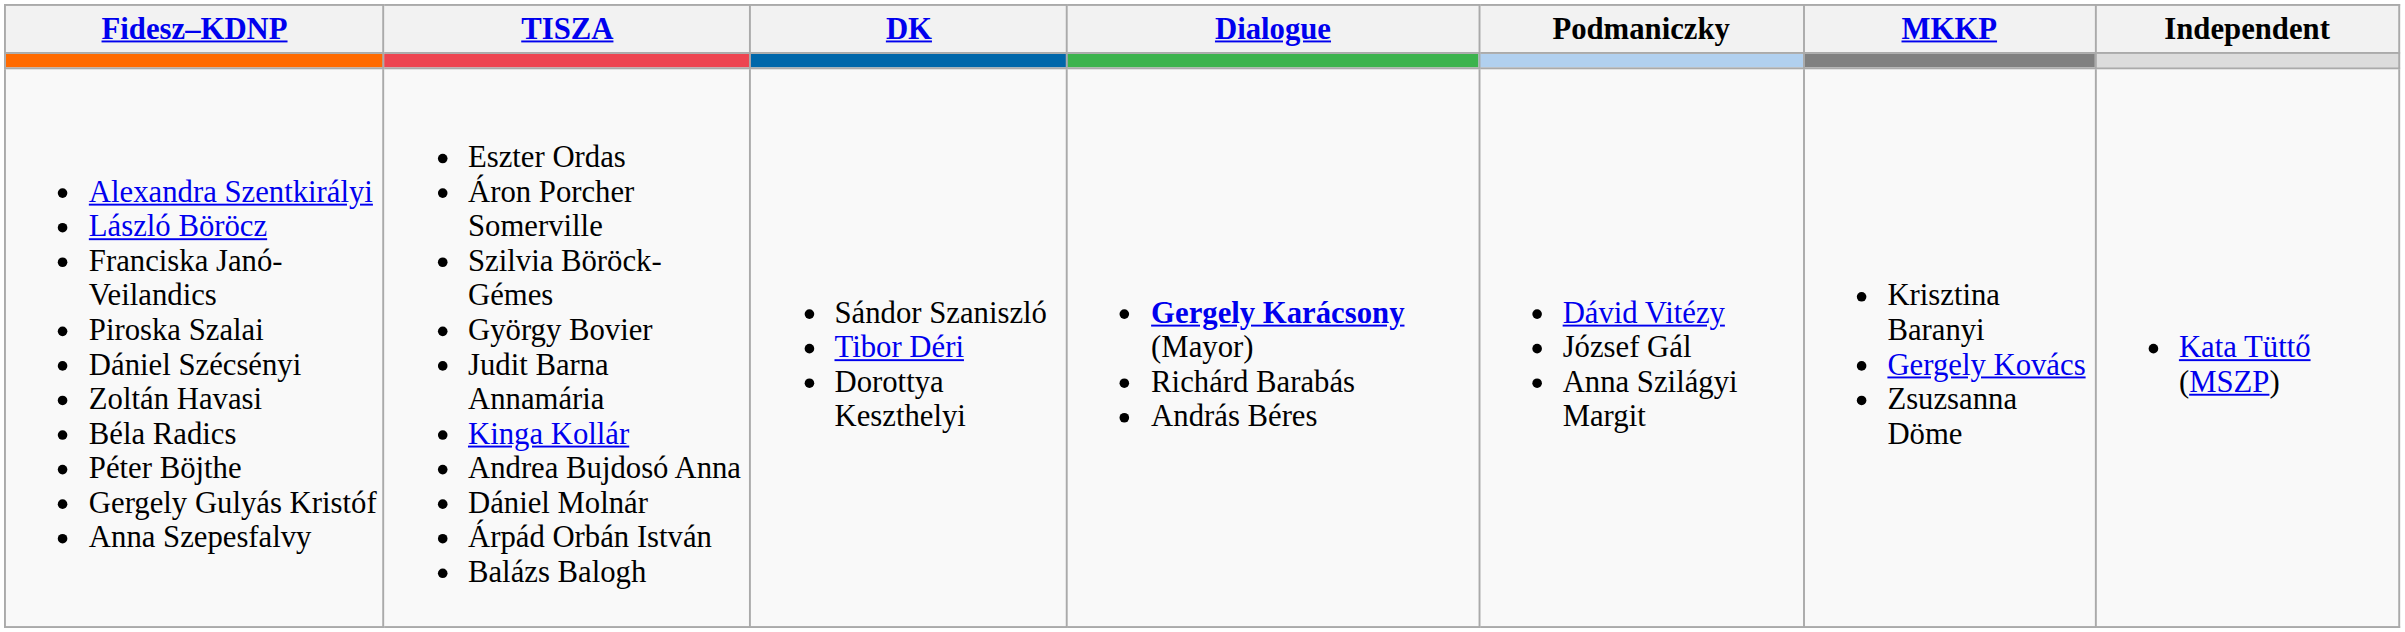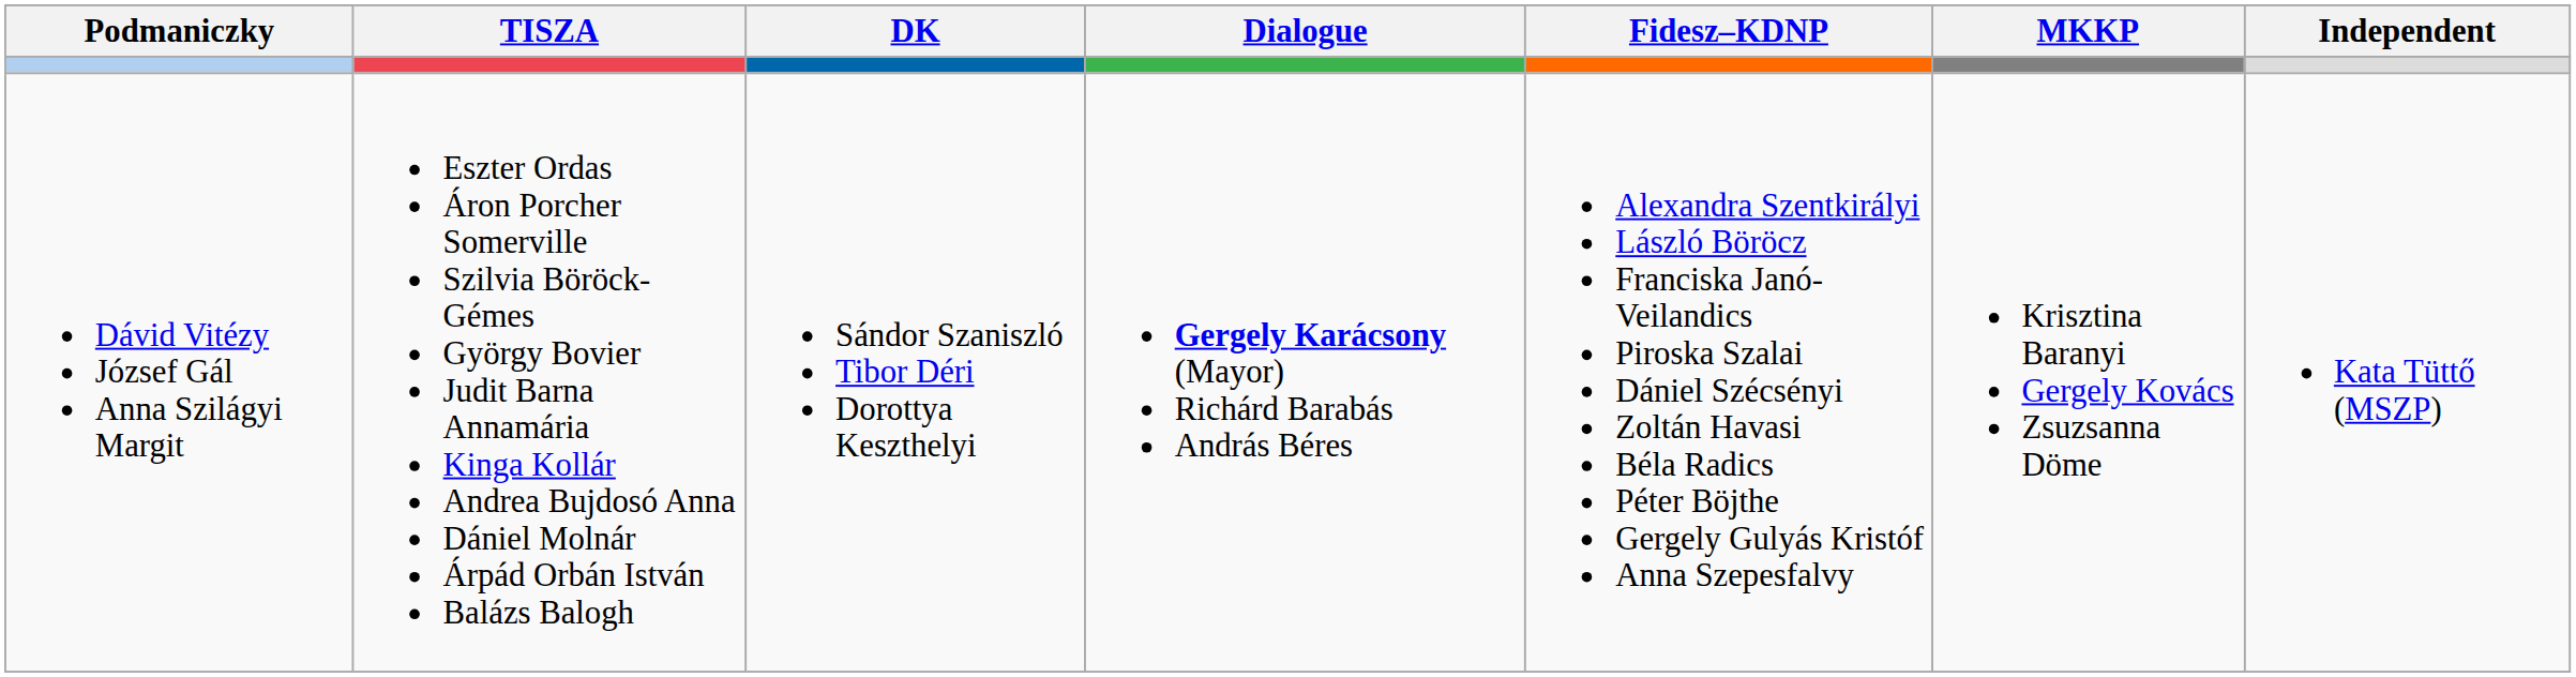 <table class="wikitable">
 <tr>
-<th><strong><a href='#'>Fidesz–KDNP</a></strong></th>
+<th>Podmaniczky</th>
 <th><a href='#'>TISZA</a></th>
 <th><a href='#'>DK</a></th>
 <th><a href='#'>Dialogue</a></th>
-<th>Podmaniczky</th>
+<th><strong><a href='#'>Fidesz–KDNP</a></strong></th>
 <th><a href='#'>MKKP</a></th>
 <th>Independent</th>
 </tr>
 <tr>
-<td style="background-color:#FF6A00;"></td>
+<td style="background-color:#B1D0EF;"></td>
 <td style="background-color:#ED4551;"></td>
 <td style="background-color:#0067AA;"></td>
 <td style="background-color:#3CB34D;"></td>
-<td style="background-color:#B1D0EF;"></td>
+<td style="background-color:#FF6A00;"></td>
 <td style="background-color:#808080;"></td>
 <td style="background-color:#DCDCDC;"></td>
 </tr>
 <tr>
-<td><br><ul><li><a href='#'>Alexandra Szentkirályi</a></li><li><a href='#'>László Böröcz</a></li><li>Franciska Janó-Veilandics</li><li>Piroska Szalai</li><li>Dániel Szécsényi</li><li>Zoltán Havasi</li><li>Béla Radics</li><li>Péter Böjthe</li><li>Gergely Gulyás Kristóf</li><li>Anna Szepesfalvy</li></ul></td>
+<td><br><ul><li><a href='#'>Dávid Vitézy</a></li><li>József Gál</li><li>Anna Szilágyi Margit</li></ul></td>
 <td><br><ul><li>Eszter Ordas</li><li>Áron Porcher Somerville</li><li>Szilvia Böröck-Gémes</li><li>György Bovier</li><li>Judit Barna Annamária</li><li><a href='#'>Kinga Kollár</a></li><li>Andrea Bujdosó Anna</li><li>Dániel Molnár</li><li>Árpád Orbán István</li><li>Balázs Balogh</li></ul></td>
 <td><br><ul><li>Sándor Szaniszló</li><li><a href='#'>Tibor Déri</a></li><li>Dorottya Keszthelyi</li></ul></td>
 <td><br><ul><li><strong><a href='#'>Gergely Karácsony</a></strong> (Mayor)</li><li>Richárd Barabás</li><li>András Béres</li></ul></td>
-<td><br><ul><li><a href='#'>Dávid Vitézy</a></li><li>József Gál</li><li>Anna Szilágyi Margit</li></ul></td>
+<td><br><ul><li><a href='#'>Alexandra Szentkirályi</a></li><li><a href='#'>László Böröcz</a></li><li>Franciska Janó-Veilandics</li><li>Piroska Szalai</li><li>Dániel Szécsényi</li><li>Zoltán Havasi</li><li>Béla Radics</li><li>Péter Böjthe</li><li>Gergely Gulyás Kristóf</li><li>Anna Szepesfalvy</li></ul></td>
 <td><br><ul><li>Krisztina Baranyi</li><li><a href='#'>Gergely Kovács</a></li><li>Zsuzsanna Döme</li></ul></td>
 <td><br><ul><li><a href='#'>Kata Tüttő</a> (<a href='#'>MSZP</a>)</li></ul></td>
 </tr>
 </table>
